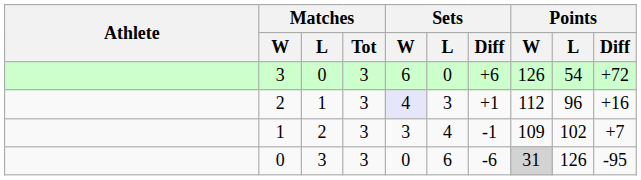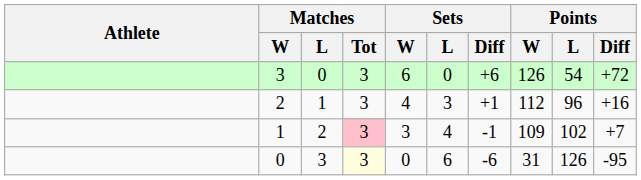 <table class=wikitable style="text-align:center">
 <tr>
 <th rowspan=2 width=220>Athlete</th>
 <th colspan=3 width=90>Matches</th>
 <th colspan=3 width=90>Sets</th>
 <th colspan=3 width=90>Points</th>
 </tr>
 <tr>
 <th width=30>W</th>
 <th width=30>L</th>
 <th width=30>Tot</th>
 <th width=30>W</th>
 <th width=30>L</th>
 <th width=30>Diff</th>
 <th width=30>W</th>
 <th width=30>L</th>
 <th width=30>Diff</th>
 </tr>
 <tr bgcolor=ccffcc>
 <td style="text-align:left"></td>
 <td>3</td>
 <td>0</td>
 <td>3</td>
 <td>6</td>
 <td>0</td>
 <td>+6</td>
 <td>126</td>
 <td>54</td>
 <td>+72</td>
 </tr>
 <tr>
 <td style="text-align:left"></td>
 <td>2</td>
 <td>1</td>
 <td>3</td>
-<td style="background: lavender;">4</td>
+<td>4</td>
 <td>3</td>
 <td>+1</td>
 <td>112</td>
 <td>96</td>
 <td>+16</td>
 </tr>
 <tr>
 <td style="text-align:left"></td>
 <td>1</td>
 <td>2</td>
-<td>3</td>
+<td style="background: pink;">3</td>
 <td>3</td>
 <td>4</td>
 <td>-1</td>
 <td>109</td>
 <td>102</td>
 <td>+7</td>
 </tr>
 <tr>
 <td style="text-align:left"></td>
 <td>0</td>
 <td>3</td>
-<td>3</td>
+<td style="background: lightyellow;">3</td>
 <td>0</td>
 <td>6</td>
 <td>-6</td>
-<td style="background: lightgrey;">31</td>
+<td>31</td>
 <td>126</td>
 <td>-95</td>
 </tr>
 </table>
